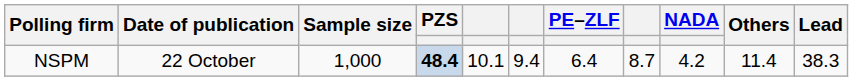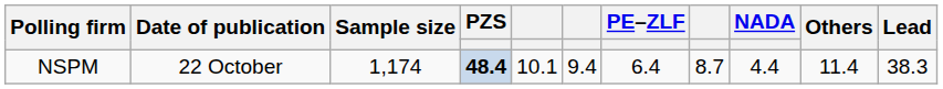 <table class="wikitable" style="text-align:center; font-size:85%; line-height:16px; margin-bottom:0">
 <tr>
 <th rowspan="2">Polling firm</th>
 <th rowspan="2">Date of publication</th>
 <th rowspan="2">Sample size</th>
 <th>PZS</th>
 <th></th>
 <th></th>
 <th><a href='#'>PE</a>–<a href='#'>ZLF</a></th>
 <th></th>
 <th><a href='#'>NADA</a></th>
 <th rowspan="2">Others</th>
 <th rowspan="2">Lead</th>
 </tr>
 <tr>
 <th style="background:"></th>
 <th style="background:"></th>
 <th style="background:"></th>
 <th style="background:"></th>
 <th style="background:"></th>
 <th style="background:"></th>
 </tr>
 <tr>
 <td>NSPM</td>
 <td>22 October</td>
-<td>1,000</td>
+<td>1,174</td>
 <td style="background:#C8D9EC"><strong>48.4</strong></td>
 <td>10.1</td>
 <td>9.4</td>
 <td>6.4</td>
 <td>8.7</td>
-<td>4.2</td>
+<td>4.4</td>
 <td>11.4</td>
 <td style="background:">38.3</td>
 </tr>
 </table>
